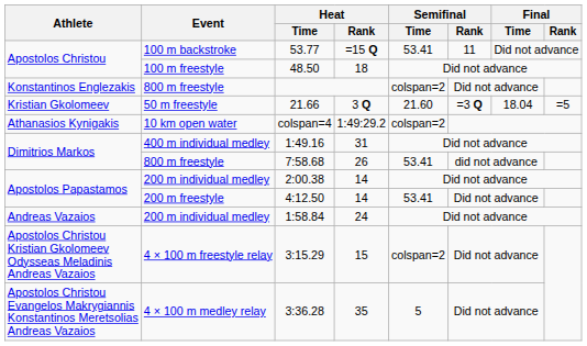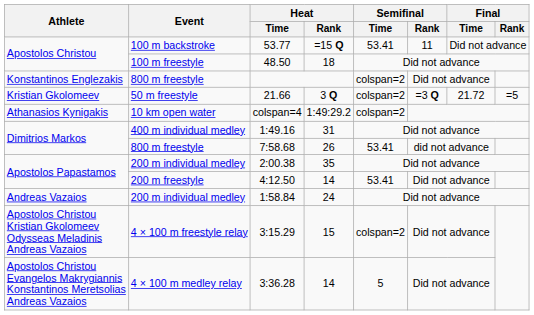 <table class=wikitable style="font-size:90%">
 <tr>
 <th rowspan="2">Athlete</th>
 <th rowspan="2">Event</th>
 <th colspan="2">Heat</th>
 <th colspan="2">Semifinal</th>
 <th colspan="2">Final</th>
 </tr>
 <tr style="font-size:95%">
 <th>Time</th>
 <th>Rank</th>
 <th>Time</th>
 <th>Rank</th>
 <th>Time</th>
 <th>Rank</th>
 </tr>
 <tr align=center>
 <td align=left rowspan=2><a href='#'>Apostolos Christou</a></td>
 <td align=left><a href='#'>100 m backstroke</a></td>
 <td>53.77</td>
 <td>=15 <strong>Q</strong></td>
 <td>53.41</td>
 <td>11</td>
 <td colspan="2">Did not advance</td>
 </tr>
 <tr align=center>
 <td align=left><a href='#'>100 m freestyle</a></td>
 <td>48.50</td>
 <td>18</td>
 <td colspan="4">Did not advance</td>
 </tr>
 <tr align=center>
 <td align=left><a href='#'>Konstantinos Englezakis</a></td>
 <td align=left><a href='#'>800 m freestyle</a></td>
 <td colspan="2"></td>
 <td>colspan=2 </td>
 <td colspan="2">Did not advance</td>
 </tr>
 <tr align=center>
 <td align=left><a href='#'>Kristian Gkolomeev</a></td>
 <td align=left><a href='#'>50 m freestyle</a></td>
 <td>21.66</td>
 <td>3 <strong>Q</strong></td>
-<td>21.60</td>
+<td>colspan=2 </td>
 <td>=3 <strong>Q</strong></td>
-<td>18.04</td>
+<td>21.72</td>
 <td>=5</td>
 </tr>
 <tr align=center>
 <td align=left><a href='#'>Athanasios Kynigakis</a></td>
 <td align=left><a href='#'>10 km open water</a></td>
 <td>colspan=4 </td>
 <td>1:49:29.2</td>
 <td>colspan=2 </td>
 </tr>
 <tr align=center>
 <td align=left rowspan=2><a href='#'>Dimitrios Markos</a></td>
 <td align=left><a href='#'>400 m individual medley</a></td>
 <td>1:49.16</td>
 <td>31</td>
 <td colspan="4">Did not advance</td>
 </tr>
 <tr align=center>
 <td align=left><a href='#'>800 m freestyle</a></td>
 <td>7:58.68</td>
 <td>26</td>
 <td>53.41</td>
 <td colspan="2">did not advance</td>
 </tr>
 <tr align=center>
 <td align=left rowspan=2><a href='#'>Apostolos Papastamos</a></td>
 <td align=left><a href='#'>200 m individual medley</a></td>
 <td>2:00.38</td>
-<td>14</td>
+<td>35</td>
 <td colspan="4">Did not advance</td>
 </tr>
 <tr align=center>
 <td align=left><a href='#'>200 m freestyle</a></td>
 <td>4:12.50</td>
 <td>14</td>
 <td>53.41</td>
 <td colspan="2">Did not advance</td>
 </tr>
 <tr align=center>
 <td align=left><a href='#'>Andreas Vazaios</a></td>
 <td align=left><a href='#'>200 m individual medley</a></td>
 <td>1:58.84</td>
 <td>24</td>
 <td colspan="4">Did not advance</td>
 </tr>
 <tr align=center>
 <td align=left><a href='#'>Apostolos Christou</a><br><a href='#'>Kristian Gkolomeev</a><br><a href='#'>Odysseas Meladinis</a><br><a href='#'>Andreas Vazaios</a></td>
 <td align=left><a href='#'>4 × 100 m freestyle relay</a></td>
 <td>3:15.29</td>
 <td>15</td>
 <td>colspan=2 </td>
 <td colspan="2">Did not advance</td>
 </tr>
 <tr align=center>
 <td align=left><a href='#'>Apostolos Christou</a><br><a href='#'>Evangelos Makrygiannis</a><br><a href='#'>Konstantinos Meretsolias</a><br><a href='#'>Andreas Vazaios</a></td>
 <td align=left><a href='#'>4 × 100 m medley relay</a></td>
 <td>3:36.28</td>
-<td>35</td>
+<td>14</td>
 <td>5</td>
 <td colspan="2">Did not advance</td>
 </tr>
 </table>
